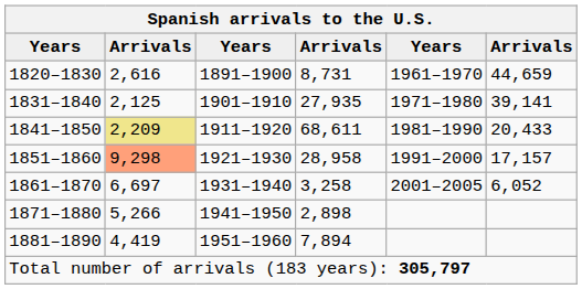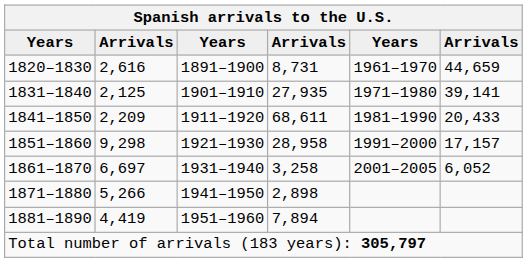 <table class="wikitable sortable" style="float:left;">
 <tr>
 <th colspan=6>Spanish arrivals to the U.S.</th>
 </tr>
 <tr>
 <th style="background:#efefef;">Years</th>
 <th style="background:#efefef;">Arrivals</th>
 <th style="background:#efefef;">Years</th>
 <th style="background:#efefef;">Arrivals</th>
 <th style="background:#efefef;">Years</th>
 <th style="background:#efefef;">Arrivals</th>
 </tr>
 <tr>
 <td>1820–1830</td>
 <td>2,616</td>
 <td>1891–1900</td>
 <td>8,731</td>
 <td>1961–1970</td>
 <td>44,659</td>
 </tr>
 <tr>
 <td>1831–1840</td>
 <td>2,125</td>
 <td>1901–1910</td>
 <td>27,935</td>
 <td>1971–1980</td>
 <td>39,141</td>
 </tr>
 <tr>
 <td>1841–1850</td>
-<td style="background: khaki;">2,209</td>
+<td>2,209</td>
 <td>1911–1920</td>
 <td>68,611</td>
 <td>1981–1990</td>
 <td>20,433</td>
 </tr>
 <tr>
 <td>1851–1860</td>
-<td style="background: lightsalmon;">9,298</td>
+<td>9,298</td>
 <td>1921–1930</td>
 <td>28,958</td>
 <td>1991–2000</td>
 <td>17,157</td>
 </tr>
 <tr>
 <td>1861–1870</td>
 <td>6,697</td>
 <td>1931–1940</td>
 <td>3,258</td>
 <td>2001–2005</td>
 <td>6,052</td>
 </tr>
 <tr>
 <td>1871–1880</td>
 <td>5,266</td>
 <td>1941–1950</td>
 <td>2,898</td>
 <td></td>
 <td></td>
 </tr>
 <tr>
 <td>1881–1890</td>
 <td>4,419</td>
 <td>1951–1960</td>
 <td>7,894</td>
 <td></td>
 <td></td>
 </tr>
 <tr>
 <td colspan="6" style="text-align:left;">Total number of arrivals (183 years): <strong>305,797</strong></td>
 </tr>
 </table>
